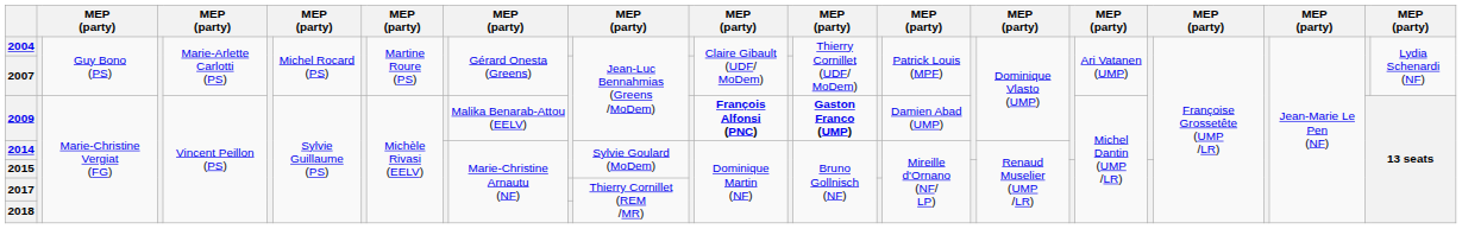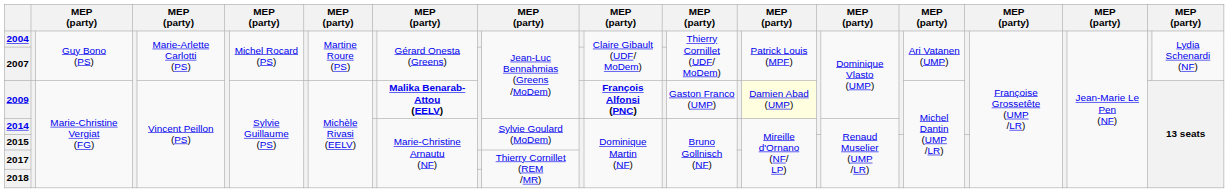 <table class="wikitable" style="text-align:center">
 <tr>
 <th></th>
 <th colspan=2>MEP<br>(party)</th>
 <th colspan=2>MEP<br>(party)</th>
 <th colspan=2>MEP<br>(party)</th>
 <th colspan=2>MEP<br>(party)</th>
 <th colspan=2>MEP<br>(party)</th>
 <th colspan=2>MEP<br>(party)</th>
 <th colspan=2>MEP<br>(party)</th>
 <th colspan=2>MEP<br>(party)</th>
 <th colspan=2>MEP<br>(party)</th>
 <th colspan=2>MEP<br>(party)</th>
 <th colspan=2>MEP<br>(party)</th>
 <th colspan=2>MEP<br>(party)</th>
 <th colspan=2>MEP<br>(party)</th>
 <th colspan=2>MEP<br>(party)</th>
 </tr>
 <tr>
 <th><a href='#'>2004</a></th>
 <th rowspan=2 style="background-color: "></th>
 <td rowspan=2><a href='#'>Guy Bono</a><br>(<a href='#'>PS</a>)</td>
 <th rowspan=7 style="background-color: "></th>
 <td rowspan=2><a href='#'>Marie-Arlette Carlotti</a><br>(<a href='#'>PS</a>)</td>
 <th rowspan=7 style="background-color: "></th>
 <td rowspan=2><a href='#'>Michel Rocard</a><br>(<a href='#'>PS</a>)</td>
 <th rowspan=2 style="background-color: "></th>
 <td rowspan=2><a href='#'>Martine Roure</a><br>(<a href='#'>PS</a>)</td>
 <th rowspan=2 style="background-color: "></th>
 <td rowspan=2><a href='#'>Gérard Onesta</a><br>(<a href='#'>Greens</a>)</td>
 <th rowspan=1 style="background-color: "></th>
 <td rowspan=3><a href='#'>Jean-Luc Bennahmias</a><br>(<a href='#'>Greens</a><br>/<a href='#'>MoDem</a>)</td>
 <th rowspan=1 style="background-color: "></th>
 <td rowspan=2><a href='#'>Claire Gibault</a><br>(<a href='#'>UDF</a>/<br><a href='#'>MoDem</a>)</td>
 <th rowspan=1 style="background-color: "></th>
 <td rowspan=2><a href='#'>Thierry Cornillet</a><br>(<a href='#'>UDF</a>/<br><a href='#'>MoDem</a>)</td>
 <th rowspan=2 style="background-color: "></th>
 <td rowspan=2><a href='#'>Patrick Louis</a><br>(<a href='#'>MPF</a>)</td>
 <th rowspan=4 style="background-color: "></th>
 <td rowspan=3><a href='#'>Dominique Vlasto</a><br>(<a href='#'>UMP</a>)</td>
 <th rowspan=4 style="background-color: "></th>
 <td rowspan=2><a href='#'>Ari Vatanen</a><br>(<a href='#'>UMP</a>)</td>
 <th rowspan=4 style="background-color: "></th>
 <td rowspan=7><a href='#'>Françoise Grossetête</a><br>(<a href='#'>UMP</a><br>/<a href='#'>LR</a>)</td>
 <th rowspan=7 style="background-color: "></th>
 <td rowspan=7><a href='#'>Jean-Marie Le Pen</a><br>(<a href='#'>NF</a>)</td>
 <th rowspan=2 style="background-color: "></th>
 <td rowspan=2><a href='#'>Lydia Schenardi</a><br>(<a href='#'>NF</a>)</td>
 </tr>
 <tr>
 <th>2007</th>
 <th rowspan=4 style="background-color: "></th>
 <th rowspan=1 style="background-color: "></th>
 <th rowspan=1 style="background-color: "></th>
 </tr>
 <tr>
 <th><a href='#'>2009</a></th>
 <th rowspan=5 style="background-color: "></th>
 <td rowspan=5><a href='#'>Marie-Christine Vergiat</a><br>(<a href='#'>FG</a>)</td>
 <td rowspan=5><a href='#'>Vincent Peillon</a><br>(<a href='#'>PS</a>)</td>
 <td rowspan=5><a href='#'>Sylvie Guillaume</a><br>(<a href='#'>PS</a>)</td>
 <th rowspan=5 style="background-color: "></th>
 <td rowspan=5><a href='#'>Michèle Rivasi</a><br>(<a href='#'>EELV</a>)</td>
 <th rowspan=1 style="background-color: "></th>
-<td rowspan=1><a href='#'>Malika Benarab-Attou</a><br>(<a href='#'>EELV</a>)</td>
+<td rowspan=1><strong><a href='#'>Malika Benarab-Attou</a><br>(<a href='#'>EELV</a>)</strong></td>
 <th rowspan=1 style="background-color: "></th>
 <td rowspan=1><strong><a href='#'>François Alfonsi</a><br>(<a href='#'>PNC</a>)</strong></td>
 <th rowspan=1 style="background-color: "></th>
-<td rowspan=1><strong><a href='#'>Gaston Franco</a><br>(<a href='#'>UMP</a>)</strong></td>
+<td rowspan=1><a href='#'>Gaston Franco</a><br>(<a href='#'>UMP</a>)</td>
 <th rowspan=1 style="background-color: "></th>
-<td rowspan=1><a href='#'>Damien Abad</a><br>(<a href='#'>UMP</a>)</td>
+<td rowspan=1 style="background: lightyellow;"><a href='#'>Damien Abad</a><br>(<a href='#'>UMP</a>)</td>
 <td rowspan=5><a href='#'>Michel Dantin</a><br>(<a href='#'>UMP</a><br>/<a href='#'>LR</a>)</td>
 <th colspan=2; rowspan=5>13 seats</th>
 </tr>
 <tr>
 <th><a href='#'>2014</a></th>
 <th rowspan=4 style="background-color: "></th>
 <td rowspan=4><a href='#'>Marie-Christine Arnautu</a><br>(<a href='#'>NF</a>)</td>
 <td rowspan=2><a href='#'>Sylvie Goulard</a><br>(<a href='#'>MoDem</a>)</td>
 <th rowspan=4 style="background-color: "></th>
 <td rowspan=4><a href='#'>Dominique Martin</a><br>(<a href='#'>NF</a>)</td>
 <th rowspan=4 style="background-color: "></th>
 <td rowspan=4><a href='#'>Bruno Gollnisch</a><br>(<a href='#'>NF</a>)</td>
 <th rowspan=2 style="background-color: "></th>
 <td rowspan=4><a href='#'>Mireille d'Ornano</a><br>(<a href='#'>NF</a>/<br><a href='#'>LP</a>)</td>
 <td rowspan=4><a href='#'>Renaud Muselier</a><br>(<a href='#'>UMP</a><br>/<a href='#'>LR</a>)</td>
 </tr>
 <tr>
 <th>2015</th>
 <th rowspan=3 style="background-color: "></th>
 <th rowspan=3 style="background-color: "></th>
 <th rowspan=3 style="background-color: "></th>
 </tr>
 <tr>
 <th>2017</th>
 <th rowspan=1 style="background-color: "></th>
 <td rowspan=2><a href='#'>Thierry Cornillet</a><br>(<a href='#'>REM</a><br>/<a href='#'>MR</a>)</td>
 <th rowspan=2 style="background-color: "></th>
 </tr>
 <tr>
 <th>2018</th>
 <th rowspan=1 style="background-color: "></th>
 </tr>
 </table>
